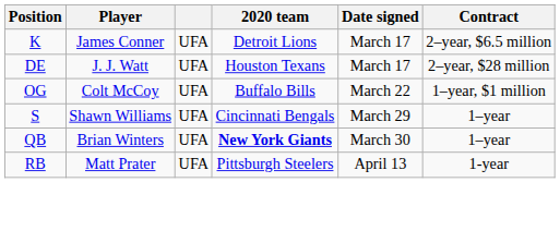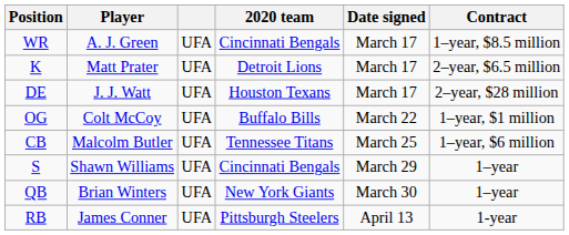 <table class="wikitable" style="text-align:center">
 <tr>
 <th>Position</th>
 <th>Player</th>
 <th></th>
 <th>2020 team</th>
 <th>Date signed</th>
 <th>Contract</th>
 </tr>
 <tr>
+<td><a href='#'>WR</a></td>
+<td><a href='#'>A. J. Green</a></td>
+<td>UFA</td>
+<td><a href='#'>Cincinnati Bengals</a></td>
+<td>March 17</td>
+<td>1–year, $8.5 million</td>
+</tr>
+<tr>
 <td><a href='#'>K</a></td>
-<td><a href='#'>James Conner</a></td>
+<td><a href='#'>Matt Prater</a></td>
 <td>UFA</td>
 <td><a href='#'>Detroit Lions</a></td>
 <td>March 17</td>
 <td>2–year, $6.5 million</td>
 </tr>
 <tr>
 <td><a href='#'>DE</a></td>
 <td><a href='#'>J. J. Watt</a></td>
 <td>UFA</td>
 <td><a href='#'>Houston Texans</a></td>
 <td>March 17</td>
 <td>2–year, $28 million</td>
 </tr>
 <tr>
 <td><a href='#'>OG</a></td>
 <td><a href='#'>Colt McCoy</a></td>
 <td>UFA</td>
 <td><a href='#'>Buffalo Bills</a></td>
 <td>March 22</td>
 <td>1–year, $1 million</td>
 </tr>
 <tr>
+<td><a href='#'>CB</a></td>
+<td><a href='#'>Malcolm Butler</a></td>
+<td>UFA</td>
+<td><a href='#'>Tennessee Titans</a></td>
+<td>March 25</td>
+<td>1–year, $6 million</td>
+</tr>
+<tr>
 <td><a href='#'>S</a></td>
 <td><a href='#'>Shawn Williams</a></td>
 <td>UFA</td>
 <td><a href='#'>Cincinnati Bengals</a></td>
 <td>March 29</td>
 <td>1–year</td>
 </tr>
 <tr>
 <td><a href='#'>QB</a></td>
 <td><a href='#'>Brian Winters</a></td>
 <td>UFA</td>
-<td><strong><a href='#'>New York Giants</a></strong></td>
+<td><a href='#'>New York Giants</a></td>
 <td>March 30</td>
 <td>1–year</td>
 </tr>
 <tr>
 <td><a href='#'>RB</a></td>
-<td><a href='#'>Matt Prater</a></td>
+<td><a href='#'>James Conner</a></td>
 <td>UFA</td>
 <td><a href='#'>Pittsburgh Steelers</a></td>
 <td>April 13</td>
 <td>1-year</td>
 </tr>
 </table>
